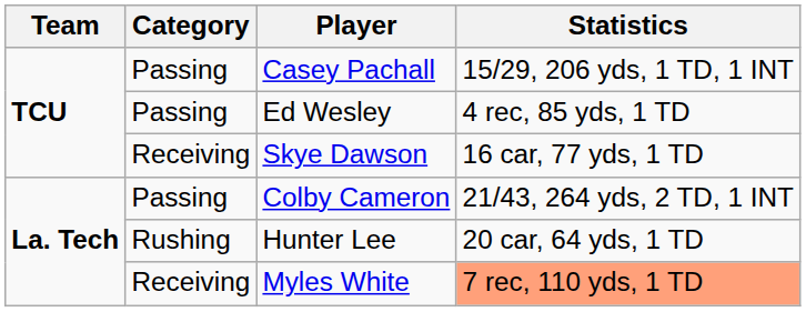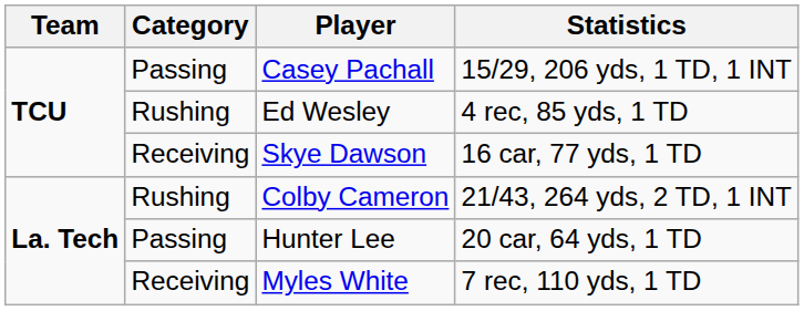 <table class="wikitable">
 <tr>
 <th>Team</th>
 <th>Category</th>
 <th>Player</th>
 <th>Statistics</th>
 </tr>
 <tr>
 <td rowspan=3><strong>TCU</strong></td>
 <td>Passing</td>
 <td><a href='#'>Casey Pachall</a></td>
 <td>15/29, 206 yds, 1 TD, 1 INT</td>
 </tr>
 <tr>
-<td>Passing</td>
+<td>Rushing</td>
 <td>Ed Wesley</td>
 <td>4 rec, 85 yds, 1 TD</td>
 </tr>
 <tr>
 <td>Receiving</td>
 <td><a href='#'>Skye Dawson</a></td>
 <td>16 car, 77 yds, 1 TD</td>
 </tr>
 <tr>
 <td rowspan=3><strong>La. Tech</strong></td>
-<td>Passing</td>
+<td>Rushing</td>
 <td><a href='#'>Colby Cameron</a></td>
 <td>21/43, 264 yds, 2 TD, 1 INT</td>
 </tr>
 <tr>
-<td>Rushing</td>
+<td>Passing</td>
 <td>Hunter Lee</td>
 <td>20 car, 64 yds, 1 TD</td>
 </tr>
 <tr>
 <td>Receiving</td>
 <td><a href='#'>Myles White</a></td>
-<td style="background: lightsalmon;">7 rec, 110 yds, 1 TD</td>
+<td>7 rec, 110 yds, 1 TD</td>
 </tr>
 </table>
